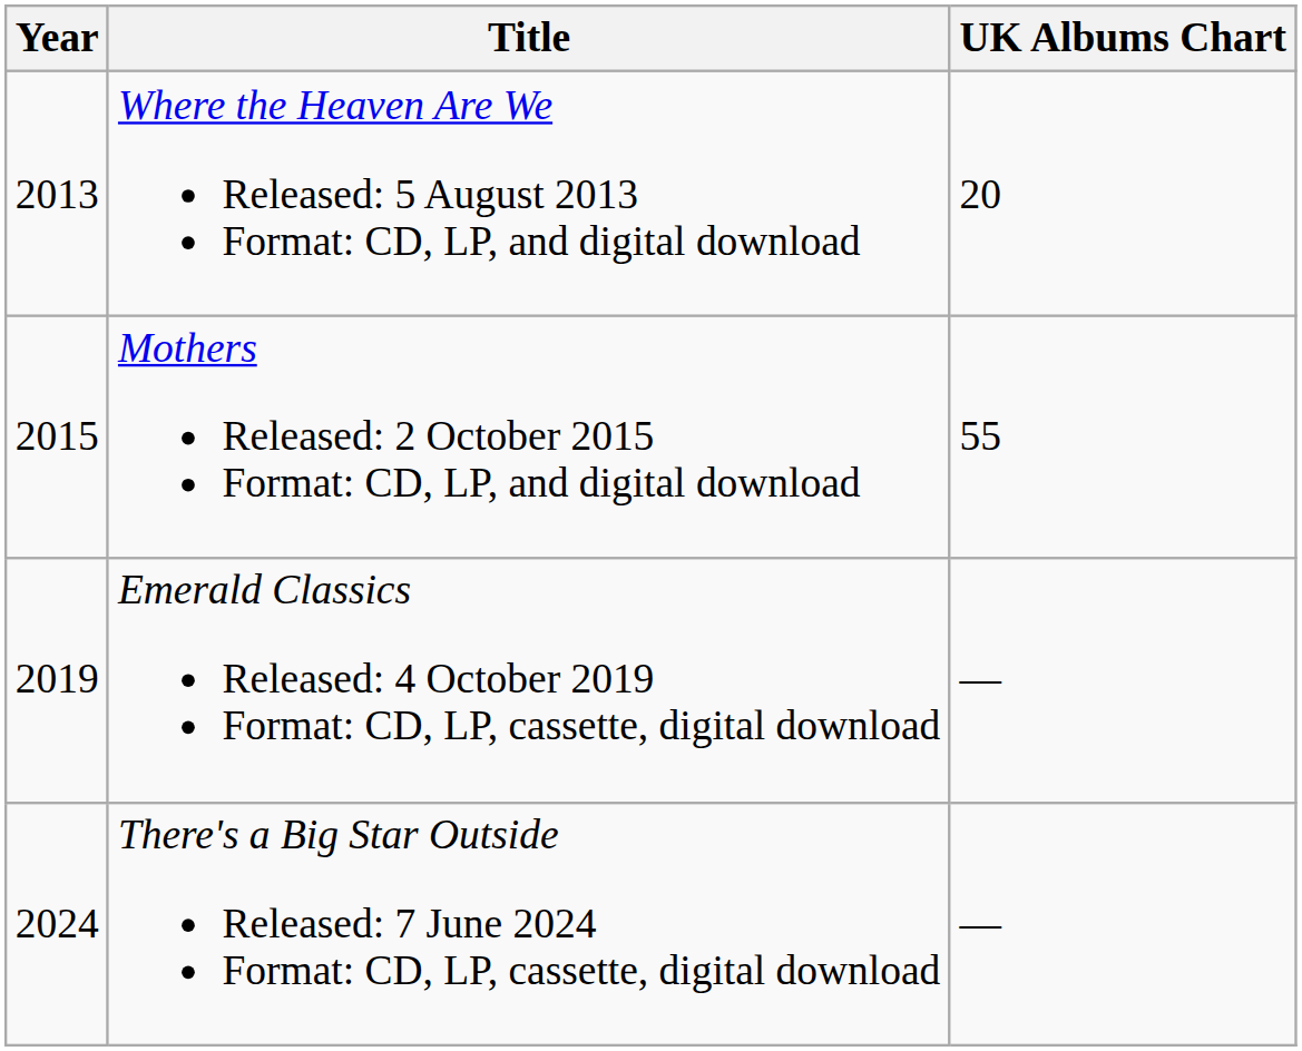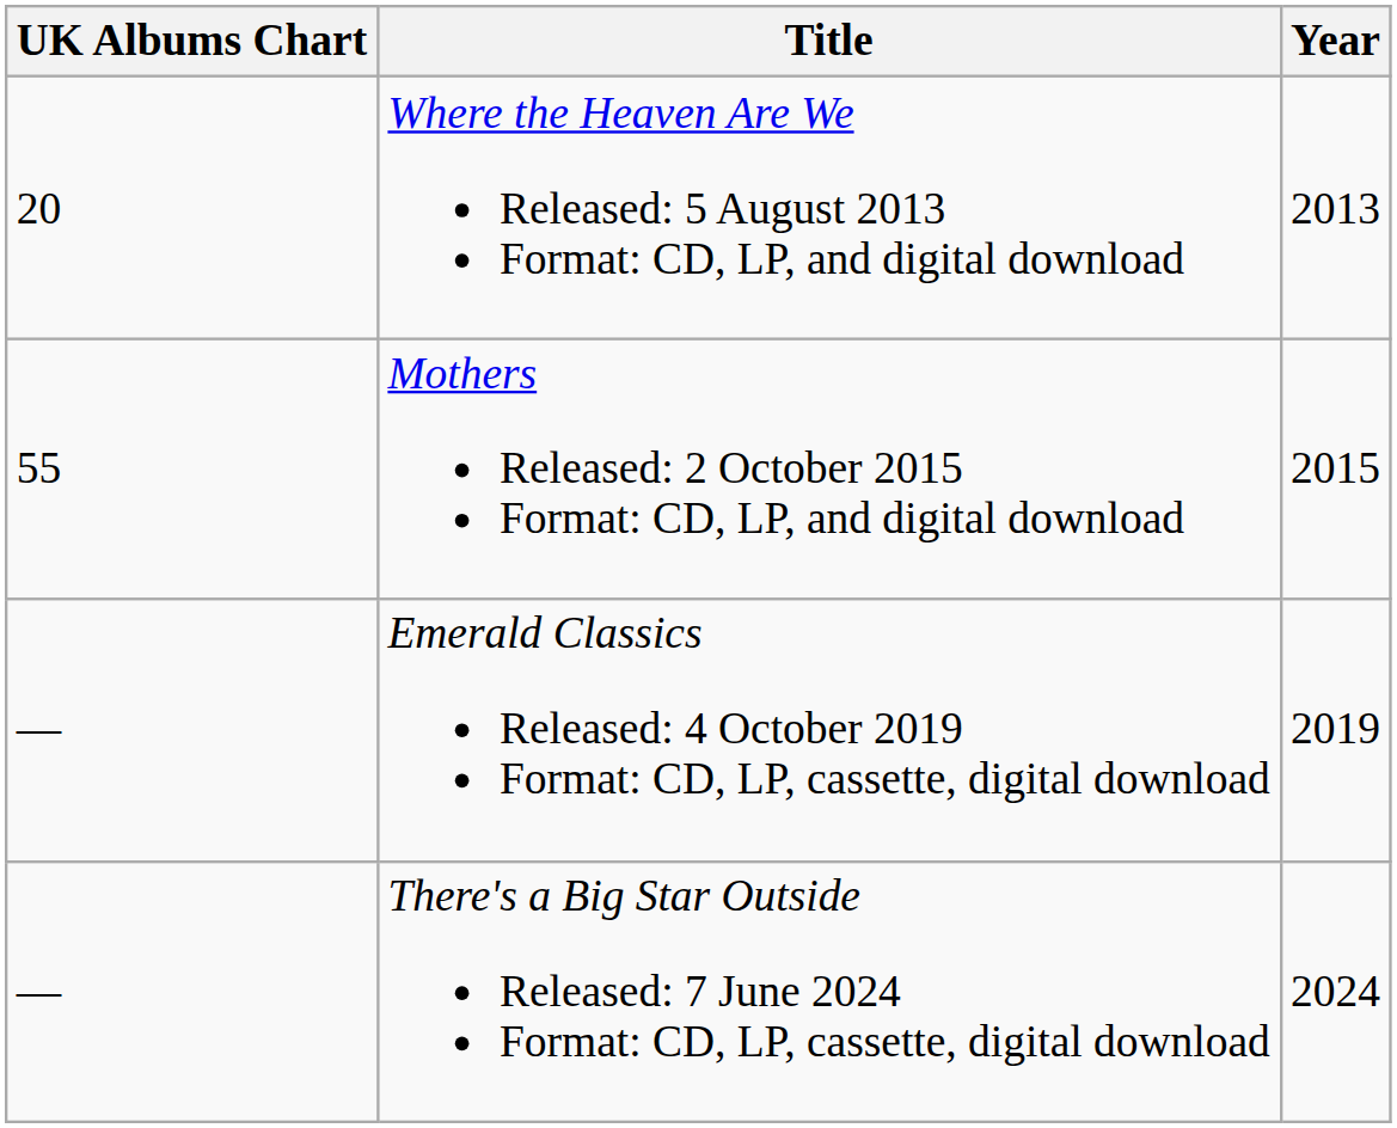 <table class="wikitable">
 <tr>
+<th>UK Albums Chart</th>
+<th>Title</th>
 <th>Year</th>
-<th>Title</th>
-<th>UK Albums Chart</th>
 </tr>
 <tr>
+<td>20</td>
+<td><em><a href='#'>Where the Heaven Are We</a></em><br><ul><li>Released: 5 August 2013</li><li>Format: CD, LP, and digital download</li></ul></td>
 <td>2013</td>
-<td><em><a href='#'>Where the Heaven Are We</a></em><br><ul><li>Released: 5 August 2013</li><li>Format: CD, LP, and digital download</li></ul></td>
-<td>20</td>
 </tr>
 <tr>
+<td>55</td>
+<td><em><a href='#'>Mothers</a></em><br><ul><li>Released: 2 October 2015</li><li>Format: CD, LP, and digital download</li></ul></td>
 <td>2015</td>
-<td><em><a href='#'>Mothers</a></em><br><ul><li>Released: 2 October 2015</li><li>Format: CD, LP, and digital download</li></ul></td>
-<td>55</td>
 </tr>
 <tr>
+<td>—</td>
+<td><em>Emerald Classics</em><br><ul><li>Released: 4 October 2019</li><li>Format: CD, LP, cassette, digital download</li></ul></td>
 <td>2019</td>
-<td><em>Emerald Classics</em><br><ul><li>Released: 4 October 2019</li><li>Format: CD, LP, cassette, digital download</li></ul></td>
-<td>—</td>
 </tr>
 <tr>
+<td>—</td>
+<td><em>There's a Big Star Outside</em><br><ul><li>Released: 7 June 2024</li><li>Format: CD, LP, cassette, digital download</li></ul></td>
 <td>2024</td>
-<td><em>There's a Big Star Outside</em><br><ul><li>Released: 7 June 2024</li><li>Format: CD, LP, cassette, digital download</li></ul></td>
-<td>—</td>
 </tr>
 </table>
